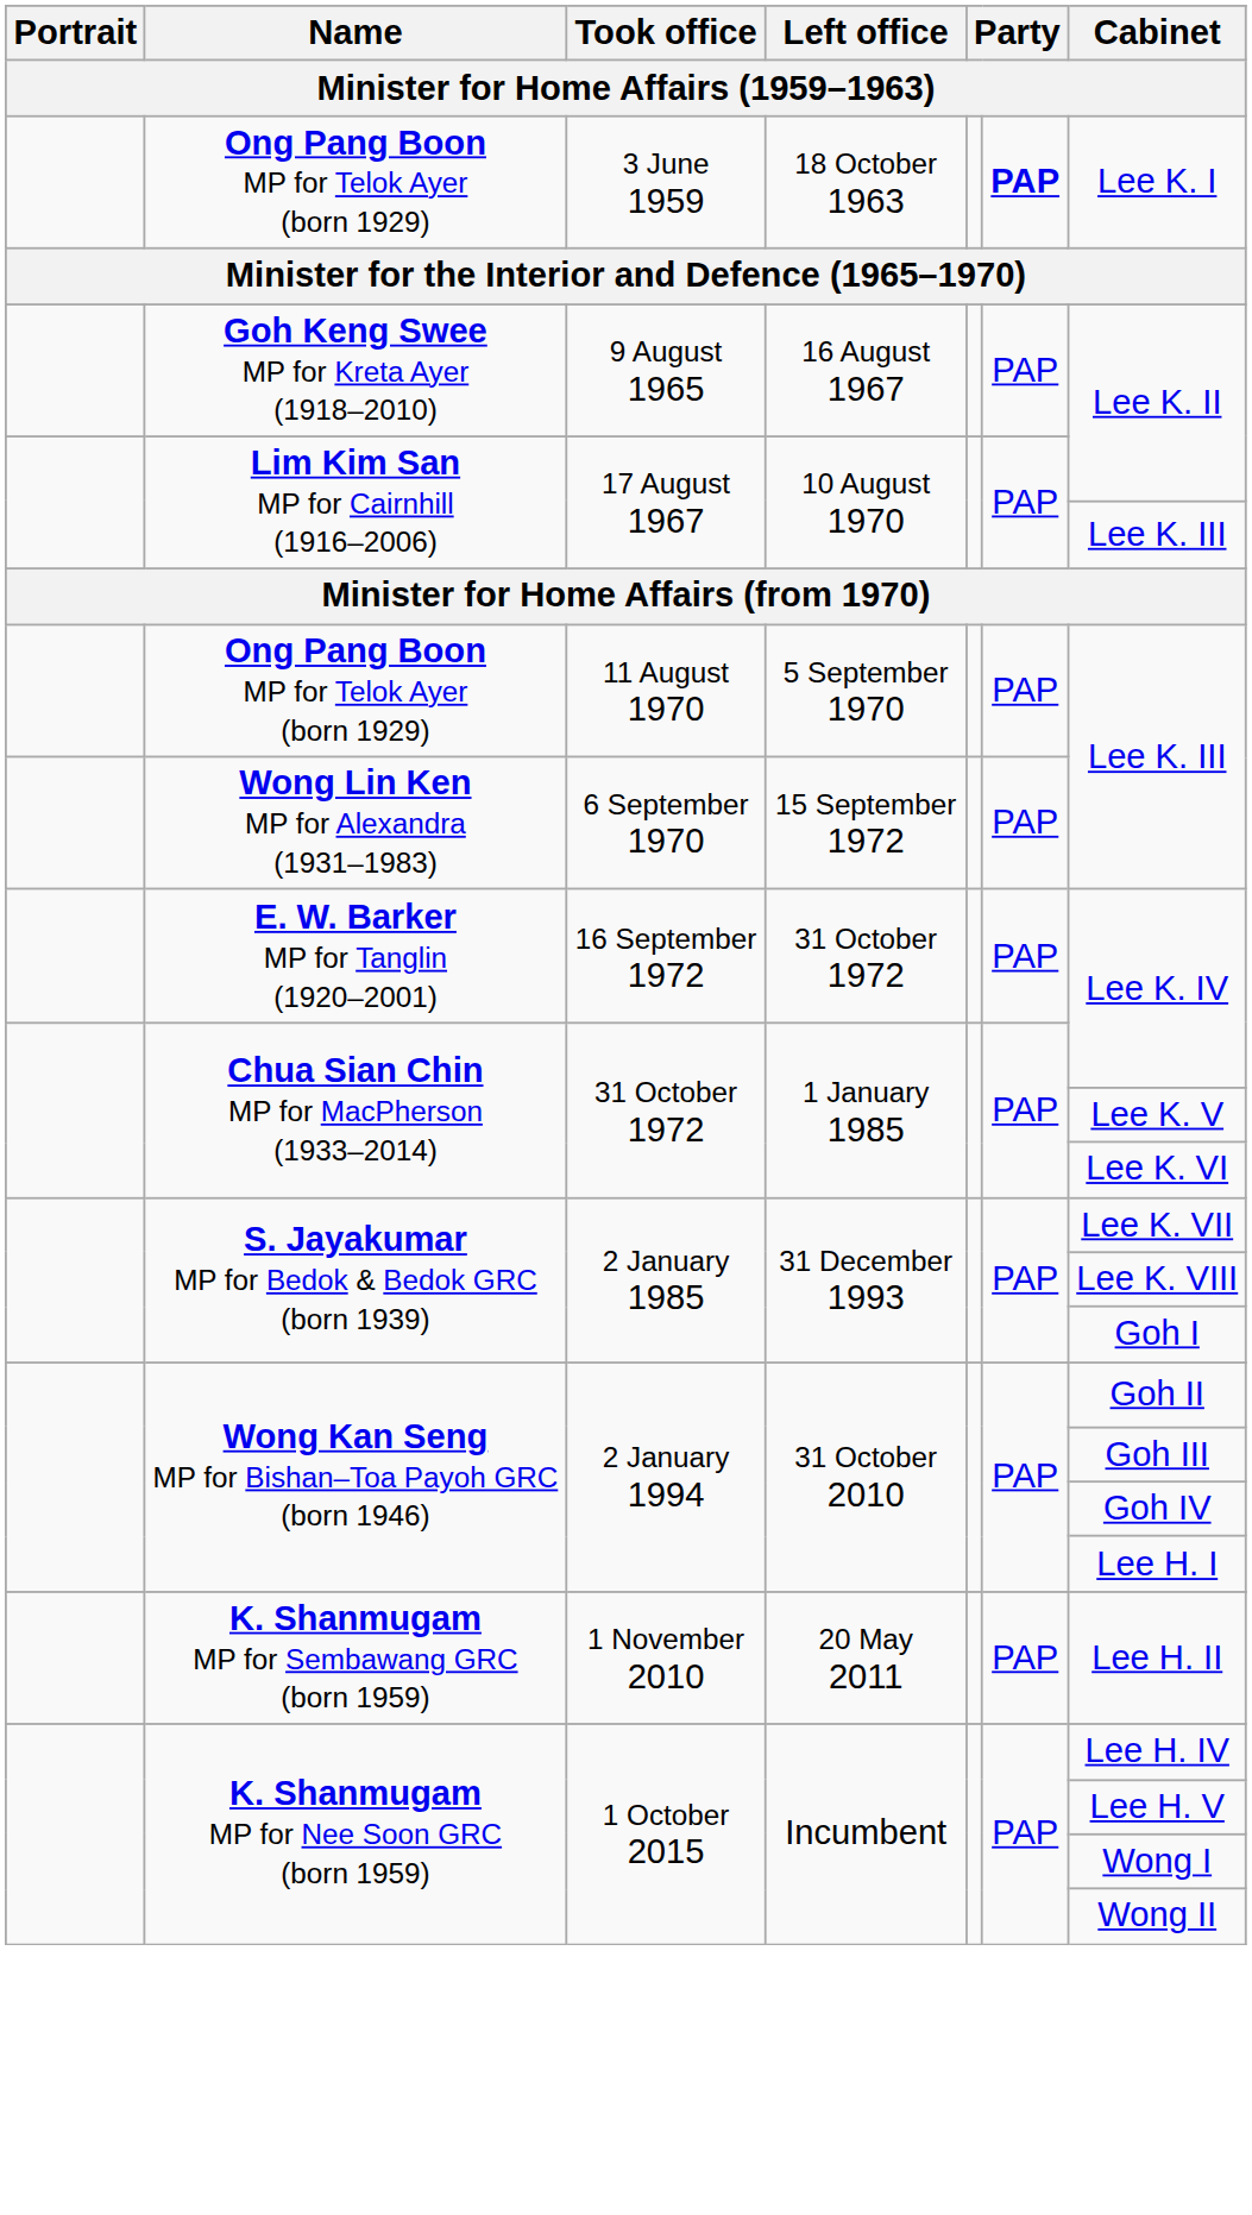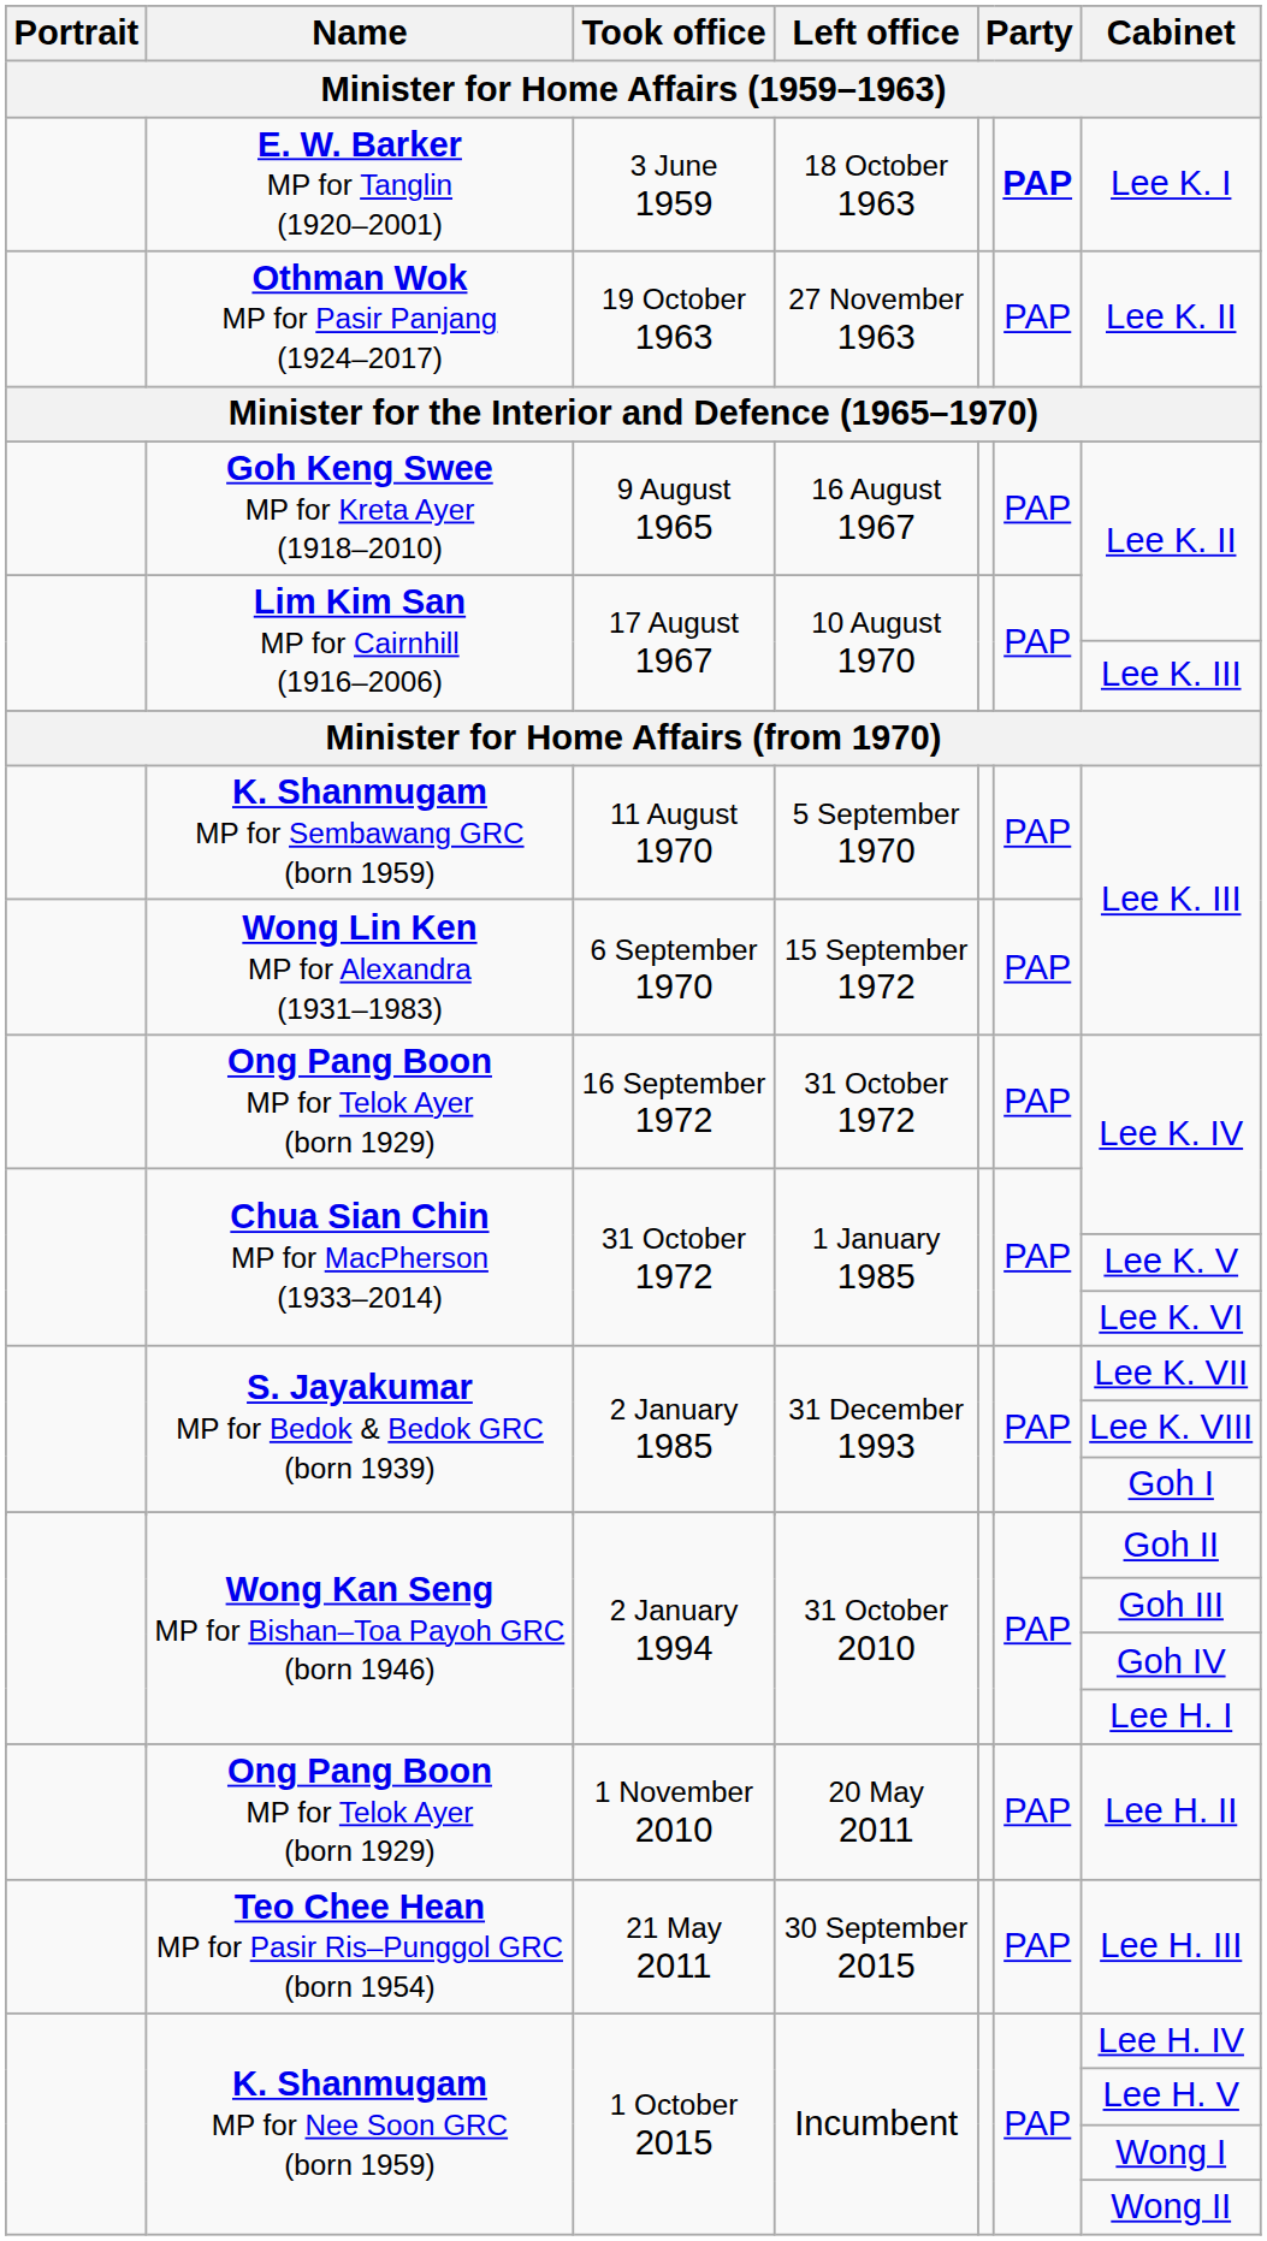 <table class="wikitable" style="text-align:center; border:1px #aaf solid;">
 <tr>
 <th>Portrait</th>
 <th>Name<br></th>
 <th width="85">Took office</th>
 <th width="85">Left office</th>
 <th colspan="2">Party</th>
 <th>Cabinet</th>
 </tr>
 <tr>
 <th colspan="7">Minister for Home Affairs (1959–1963)</th>
 </tr>
 <tr>
 <td></td>
-<td><strong><a href='#'>Ong Pang Boon</a></strong><br><small>MP for <a href='#'>Telok Ayer</a></small><br><small>(born 1929)</small></td>
+<td><strong><a href='#'>E. W. Barker</a></strong><br><small>MP for <a href='#'>Tanglin</a></small><br><small>(1920–2001)</small></td>
 <td><small>3 June</small><br>1959</td>
 <td><small>18 October</small><br>1963</td>
 <td style="background:"></td>
 <td><strong><a href='#'>PAP</a></strong></td>
 <td><a href='#'>Lee K. I</a></td>
+</tr>
+<tr>
+<td></td>
+<td><strong><a href='#'>Othman Wok</a></strong><br><small>MP for <a href='#'>Pasir Panjang</a></small><br><small>(1924–2017)</small></td>
+<td><small>19 October</small><br>1963</td>
+<td><small>27 November</small><br>1963</td>
+<td style="background:"></td>
+<td><a href='#'>PAP</a></td>
+<td><a href='#'>Lee K. II</a></td>
 </tr>
 <tr>
 <th colspan="7">Minister for the Interior and Defence (1965–1970)</th>
 </tr>
 <tr>
 <td></td>
 <td><strong><a href='#'>Goh Keng Swee</a></strong><br><small>MP for <a href='#'>Kreta Ayer</a></small><br><small>(1918–2010)</small></td>
 <td><small>9 August</small><br>1965</td>
 <td><small>16 August</small><br>1967</td>
 <td style="background:"></td>
 <td><a href='#'>PAP</a></td>
 <td rowspan="2"><a href='#'>Lee K. II</a></td>
 </tr>
 <tr style="height:30px;">
 <td rowspan="2"></td>
 <td rowspan="2"><strong><a href='#'>Lim Kim San</a></strong><br><small>MP for <a href='#'>Cairnhill</a></small><br><small>(1916–2006)</small></td>
 <td rowspan="2"><small>17 August</small><br>1967</td>
 <td rowspan="2"><small>10 August</small><br>1970</td>
 <td rowspan="2" style="background:"></td>
 <td rowspan="2"><a href='#'>PAP</a></td>
 </tr>
 <tr>
 <td><a href='#'>Lee K. III</a></td>
 </tr>
 <tr>
 <th colspan="7">Minister for Home Affairs (from 1970)</th>
 </tr>
 <tr>
 <td></td>
-<td><strong><a href='#'>Ong Pang Boon</a></strong><br><small>MP for <a href='#'>Telok Ayer</a></small><br><small>(born 1929)</small></td>
+<td><strong><a href='#'>K. Shanmugam</a></strong><br><small>MP for <a href='#'>Sembawang GRC</a></small><br><small>(born 1959)</small></td>
 <td><small>11 August</small><br>1970</td>
 <td><small>5 September</small><br>1970</td>
 <td style="background:"></td>
 <td><a href='#'>PAP</a></td>
 <td rowspan="2"><a href='#'>Lee K. III</a></td>
 </tr>
 <tr>
 <td></td>
 <td><strong><a href='#'>Wong Lin Ken</a></strong><br><small>MP for <a href='#'>Alexandra</a></small><br><small>(1931–1983)</small></td>
 <td><small>6 September</small><br>1970</td>
 <td><small>15 September</small><br>1972</td>
 <td style="background:"></td>
 <td><a href='#'>PAP</a></td>
 </tr>
 <tr>
 <td></td>
-<td><strong><a href='#'>E. W. Barker</a></strong><br><small>MP for <a href='#'>Tanglin</a></small><br><small>(1920–2001)</small></td>
+<td><strong><a href='#'>Ong Pang Boon</a></strong><br><small>MP for <a href='#'>Telok Ayer</a></small><br><small>(born 1929)</small></td>
 <td><small>16 September</small><br>1972</td>
 <td><small>31 October</small><br>1972</td>
 <td style="background:"></td>
 <td><a href='#'>PAP</a></td>
 <td rowspan="2"><a href='#'>Lee K. IV</a></td>
 </tr>
 <tr style="height:30px;">
 <td rowspan="3"></td>
 <td rowspan="3"><strong><a href='#'>Chua Sian Chin</a></strong><br><small>MP for <a href='#'>MacPherson</a></small><br><small>(1933–2014)</small></td>
 <td rowspan="3"><small>31 October</small><br>1972</td>
 <td rowspan="3"><small>1 January</small><br>1985</td>
 <td rowspan="3" style="background:"></td>
 <td rowspan="3"><a href='#'>PAP</a></td>
 </tr>
 <tr>
 <td><a href='#'>Lee K. V</a></td>
 </tr>
 <tr>
 <td><a href='#'>Lee K. VI</a></td>
 </tr>
 <tr>
 <td rowspan="4"></td>
 <td rowspan="4"><a href='#'><strong>S. Jayakumar</strong></a><br><small>MP for <a href='#'>Bedok</a> & <a href='#'>Bedok GRC</a></small><br><small>(born 1939)</small></td>
 <td rowspan="4"><small>2 January</small><br>1985</td>
 <td rowspan="4"><small>31 December</small><br>1993</td>
 <td rowspan="4" style="background:"></td>
 <td rowspan="4"><a href='#'>PAP</a></td>
 <td><a href='#'>Lee K. VII</a></td>
 </tr>
 <tr>
 <td><a href='#'>Lee K. VIII</a></td>
 </tr>
 <tr>
 <td><a href='#'>Goh I</a></td>
 </tr>
 <tr>
 <td rowspan="2"><a href='#'>Goh II</a></td>
 </tr>
 <tr style="height:30px;">
 <td rowspan="5"></td>
 <td rowspan="5"><strong><a href='#'>Wong Kan Seng</a></strong><br><small>MP for <a href='#'>Bishan–Toa Payoh GRC</a></small><br><small>(born 1946)</small></td>
 <td rowspan="5"><small>2 January</small><br>1994</td>
 <td rowspan="5"><small>31 October</small><br>2010</td>
 <td rowspan="5" style="background:"></td>
 <td rowspan="5"><a href='#'>PAP</a></td>
 </tr>
 <tr>
 <td><a href='#'>Goh III</a></td>
 </tr>
 <tr>
 <td><a href='#'>Goh IV</a></td>
 </tr>
 <tr>
 <td><a href='#'>Lee H. I</a></td>
 </tr>
 <tr>
 <td rowspan="2"><a href='#'>Lee H. II</a></td>
 </tr>
 <tr>
 <td></td>
-<td><strong><a href='#'>K. Shanmugam</a></strong><br><small>MP for <a href='#'>Sembawang GRC</a></small><br><small>(born 1959)</small></td>
+<td><strong><a href='#'>Ong Pang Boon</a></strong><br><small>MP for <a href='#'>Telok Ayer</a></small><br><small>(born 1929)</small></td>
 <td><small>1 November</small><br>2010</td>
 <td><small>20 May</small><br>2011</td>
 <td style="background:"></td>
 <td><a href='#'>PAP</a></td>
+</tr>
+<tr>
+<td></td>
+<td><strong><a href='#'>Teo Chee Hean</a></strong><br><small>MP for <a href='#'>Pasir Ris–Punggol GRC</a></small><br><small>(born 1954)</small></td>
+<td><small>21 May</small><br>2011</td>
+<td><small>30 September</small><br>2015</td>
+<td style="background:"></td>
+<td><a href='#'>PAP</a></td>
+<td><a href='#'>Lee H. III</a></td>
 </tr>
 <tr>
 <td rowspan="4"></td>
 <td rowspan="4"><strong><a href='#'>K. Shanmugam</a></strong><br><small>MP for <a href='#'>Nee Soon GRC</a></small><br><small>(born 1959)</small></td>
 <td rowspan="4"><small>1 October</small><br>2015</td>
 <td rowspan="4">Incumbent</td>
 <td rowspan="4" style="background:"></td>
 <td rowspan="4"><a href='#'>PAP</a></td>
 <td><a href='#'>Lee H. IV</a></td>
 </tr>
 <tr>
 <td><a href='#'>Lee H. V</a></td>
 </tr>
 <tr>
 <td><a href='#'>Wong I</a></td>
 </tr>
 <tr>
 <td><a href='#'>Wong II</a></td>
 </tr>
 </table>
